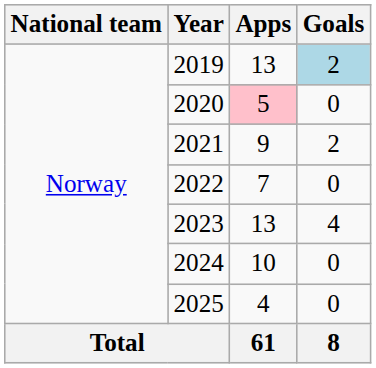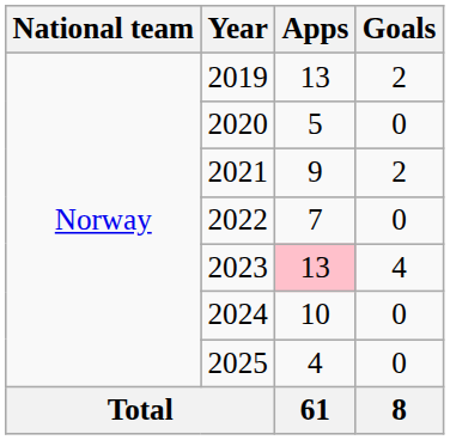 <table class="wikitable" style="text-align:center">
 <tr>
 <th>National team</th>
 <th>Year</th>
 <th>Apps</th>
 <th>Goals</th>
 </tr>
 <tr>
 <td rowspan="7"><a href='#'>Norway</a></td>
 <td>2019</td>
 <td>13</td>
-<td style="background: lightblue;">2</td>
+<td>2</td>
 </tr>
 <tr>
 <td>2020</td>
-<td style="background: pink;">5</td>
+<td>5</td>
 <td>0</td>
 </tr>
 <tr>
 <td>2021</td>
 <td>9</td>
 <td>2</td>
 </tr>
 <tr>
 <td>2022</td>
 <td>7</td>
 <td>0</td>
 </tr>
 <tr>
 <td>2023</td>
-<td>13</td>
+<td style="background: pink;">13</td>
 <td>4</td>
 </tr>
 <tr>
 <td>2024</td>
 <td>10</td>
 <td>0</td>
 </tr>
 <tr>
 <td>2025</td>
 <td>4</td>
 <td>0</td>
 </tr>
 <tr>
 <th colspan="2">Total</th>
 <th>61</th>
 <th>8</th>
 </tr>
 </table>
